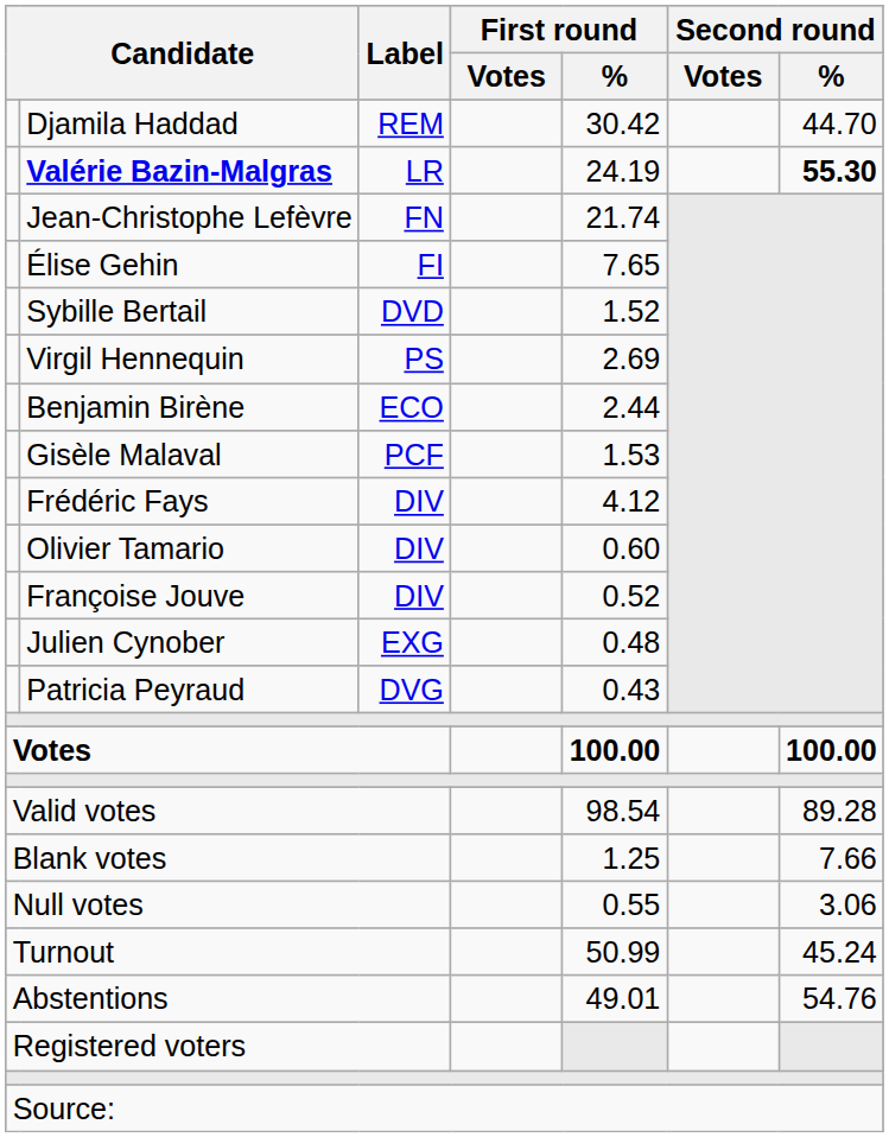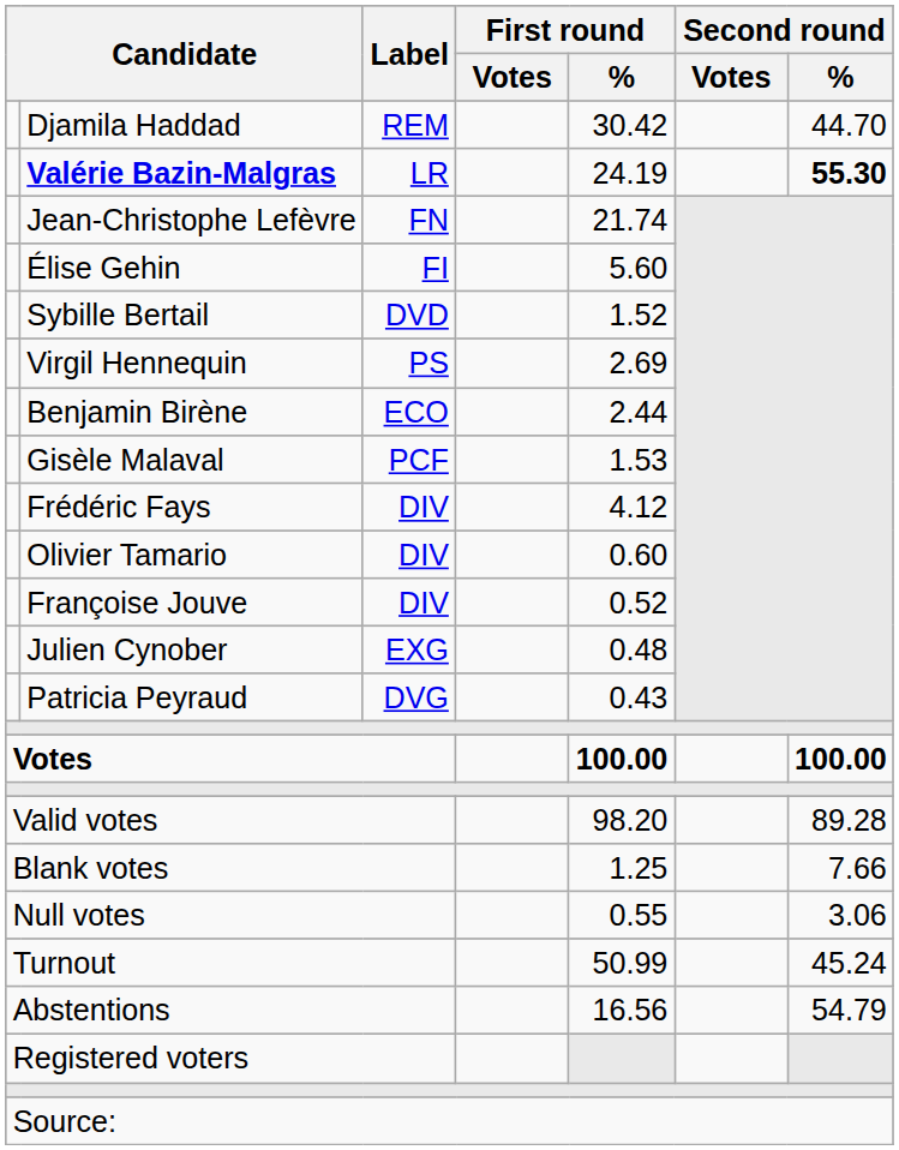 <table class="wikitable" style="text-align:right;font-size:95%;">
 <tr>
 <th colspan="2" rowspan="2">Candidate</th>
 <th rowspan="2">Label</th>
 <th colspan="2">First round</th>
 <th colspan="2">Second round</th>
 </tr>
 <tr>
 <th style="width:50px;">Votes</th>
 <th style="width:45px;">%</th>
 <th style="width:50px;">Votes</th>
 <th style="width:45px;">%</th>
 </tr>
 <tr>
 <td style="color:inherit;background:"></td>
 <td style="text-align:left;">Djamila Haddad</td>
 <td><a href='#'>REM</a></td>
 <td></td>
 <td>30.42</td>
 <td></td>
 <td>44.70</td>
 </tr>
 <tr>
 <td style="color:inherit;background:"></td>
 <td style="text-align:left;"><strong><a href='#'>Valérie Bazin-Malgras</a></strong></td>
 <td><a href='#'>LR</a></td>
 <td></td>
 <td>24.19</td>
 <td><strong></strong></td>
 <td><strong>55.30</strong></td>
 </tr>
 <tr>
 <td style="color:inherit;background:"></td>
 <td style="text-align:left;">Jean-Christophe Lefèvre</td>
 <td><a href='#'>FN</a></td>
 <td></td>
 <td>21.74</td>
 <td colspan="2" rowspan="11" style="background:#E9E9E9;"></td>
 </tr>
 <tr>
 <td style="color:inherit;background:"></td>
 <td style="text-align:left;">Élise Gehin</td>
 <td><a href='#'>FI</a></td>
 <td></td>
-<td>7.65</td>
+<td>5.60</td>
 </tr>
 <tr>
 <td style="color:inherit;background:"></td>
 <td style="text-align:left;">Sybille Bertail</td>
 <td><a href='#'>DVD</a></td>
 <td></td>
 <td>1.52</td>
 </tr>
 <tr>
 <td style="color:inherit;background:"></td>
 <td style="text-align:left;">Virgil Hennequin</td>
 <td><a href='#'>PS</a></td>
 <td></td>
 <td>2.69</td>
 </tr>
 <tr>
 <td style="color:inherit;background:"></td>
 <td style="text-align:left;">Benjamin Birène</td>
 <td><a href='#'>ECO</a></td>
 <td></td>
 <td>2.44</td>
 </tr>
 <tr>
 <td style="color:inherit;background:"></td>
 <td style="text-align:left;">Gisèle Malaval</td>
 <td><a href='#'>PCF</a></td>
 <td></td>
 <td>1.53</td>
 </tr>
 <tr>
 <td style="color:inherit;background:"></td>
 <td style="text-align:left;">Frédéric Fays</td>
 <td><a href='#'>DIV</a></td>
 <td></td>
 <td>4.12</td>
 </tr>
 <tr>
 <td style="color:inherit;background:"></td>
 <td style="text-align:left;">Olivier Tamario</td>
 <td><a href='#'>DIV</a></td>
 <td></td>
 <td>0.60</td>
 </tr>
 <tr>
 <td style="color:inherit;background:"></td>
 <td style="text-align:left;">Françoise Jouve</td>
 <td><a href='#'>DIV</a></td>
 <td></td>
 <td>0.52</td>
 </tr>
 <tr>
 <td style="color:inherit;background:"></td>
 <td style="text-align:left;">Julien Cynober</td>
 <td><a href='#'>EXG</a></td>
 <td></td>
 <td>0.48</td>
 </tr>
 <tr>
 <td style="color:inherit;background:"></td>
 <td style="text-align:left;">Patricia Peyraud</td>
 <td><a href='#'>DVG</a></td>
 <td></td>
 <td>0.43</td>
 </tr>
 <tr>
 <td colspan="7" style="background:#E9E9E9;"></td>
 </tr>
 <tr style="font-weight:bold;">
 <td colspan="3" style="text-align:left;">Votes</td>
 <td></td>
 <td>100.00</td>
 <td></td>
 <td>100.00</td>
 </tr>
 <tr>
 <td colspan="7" style="background:#E9E9E9;"></td>
 </tr>
 <tr>
 <td colspan="3" style="text-align:left;">Valid votes</td>
 <td></td>
-<td>98.54</td>
+<td>98.20</td>
 <td></td>
 <td>89.28</td>
 </tr>
 <tr>
 <td colspan="3" style="text-align:left;">Blank votes</td>
 <td></td>
 <td>1.25</td>
 <td></td>
 <td>7.66</td>
 </tr>
 <tr>
 <td colspan="3" style="text-align:left;">Null votes</td>
 <td></td>
 <td>0.55</td>
 <td></td>
 <td>3.06</td>
 </tr>
 <tr>
 <td colspan="3" style="text-align:left;">Turnout</td>
 <td></td>
 <td>50.99</td>
 <td></td>
 <td>45.24</td>
 </tr>
 <tr>
 <td colspan="3" style="text-align:left;">Abstentions</td>
 <td></td>
-<td>49.01</td>
+<td>16.56</td>
 <td></td>
-<td>54.76</td>
+<td>54.79</td>
 </tr>
 <tr>
 <td colspan="3" style="text-align:left;">Registered voters</td>
 <td></td>
 <td style="background:#E9E9E9;"></td>
 <td></td>
 <td style="background:#E9E9E9;"></td>
 </tr>
 <tr>
 <td colspan="7" style="background:#E9E9E9;"></td>
 </tr>
 <tr>
 <td colspan="7" style="text-align:left;">Source: </td>
 </tr>
 </table>
